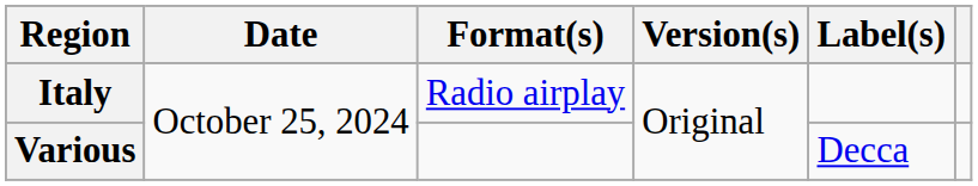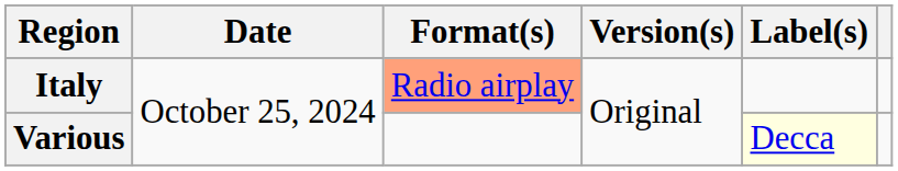 <table class="wikitable plainrowheaders">
 <tr>
 <th scope="col">Region</th>
 <th scope="col">Date</th>
 <th scope="col">Format(s)</th>
 <th scope="col">Version(s)</th>
 <th scope="col">Label(s)</th>
 <th scope="col"></th>
 </tr>
 <tr>
 <th scope="row">Italy</th>
 <td rowspan="2">October 25, 2024</td>
-<td><a href='#'>Radio airplay</a></td>
+<td style="background: lightsalmon;"><a href='#'>Radio airplay</a></td>
 <td rowspan="2">Original</td>
 <td></td>
 <td style="text-align:center;"></td>
 </tr>
 <tr>
 <th scope="row">Various</th>
 <td></td>
-<td><a href='#'>Decca</a></td>
+<td style="background: lightyellow;"><a href='#'>Decca</a></td>
 <td style="text-align:center;"></td>
 </tr>
 </table>
